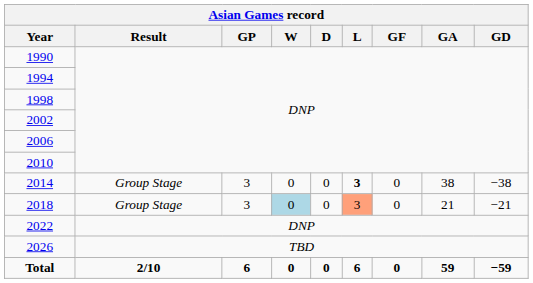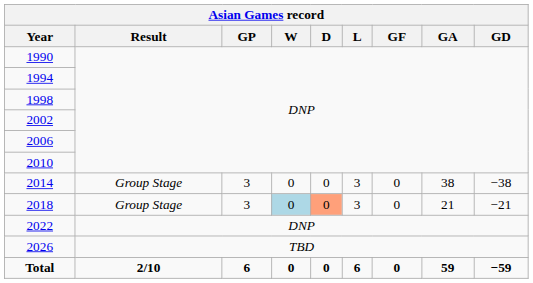 <table class="wikitable" style="text-align: center; width:50%;">
 <tr>
 <th colspan=10><a href='#'>Asian Games</a> record</th>
 </tr>
 <tr>
 <th>Year</th>
 <th>Result</th>
 <th>GP</th>
 <th>W</th>
 <th>D</th>
 <th>L</th>
 <th>GF</th>
 <th>GA</th>
 <th>GD</th>
 </tr>
 <tr>
 <td> <a href='#'>1990</a></td>
 <td colspan=8 rowspan=6><em>DNP </em></td>
 </tr>
 <tr>
 <td> <a href='#'>1994</a></td>
 </tr>
 <tr>
 <td> <a href='#'>1998</a></td>
 </tr>
 <tr>
 <td> <a href='#'>2002</a></td>
 </tr>
 <tr>
 <td> <a href='#'>2006</a></td>
 </tr>
 <tr>
 <td> <a href='#'>2010</a></td>
 </tr>
 <tr>
 <td> <a href='#'>2014</a></td>
 <td><em>Group Stage</em></td>
 <td>3</td>
 <td>0</td>
 <td>0</td>
-<td><strong>3</strong></td>
+<td>3</td>
 <td>0</td>
 <td>38</td>
 <td>−38</td>
 </tr>
 <tr>
 <td> <a href='#'>2018</a></td>
 <td><em>Group Stage</em></td>
 <td>3</td>
 <td style="background: lightblue;">0</td>
-<td>0</td>
-<td style="background: lightsalmon;">3</td>
+<td style="background: lightsalmon;">0</td>
+<td>3</td>
 <td>0</td>
 <td>21</td>
 <td>−21</td>
 </tr>
 <tr>
 <td> <a href='#'>2022</a></td>
 <td colspan=8><em>DNP </em></td>
 </tr>
 <tr>
 <td> <a href='#'>2026</a></td>
 <td colspan=8><em>TBD</em></td>
 </tr>
 <tr>
 <td><strong>Total</strong></td>
 <td><strong>2/10</strong></td>
 <td><strong>6</strong></td>
 <td><strong>0</strong></td>
 <td><strong>0</strong></td>
 <td><strong>6</strong></td>
 <td><strong>0</strong></td>
 <td><strong>59</strong></td>
 <td><strong>−59</strong></td>
 </tr>
 </table>
